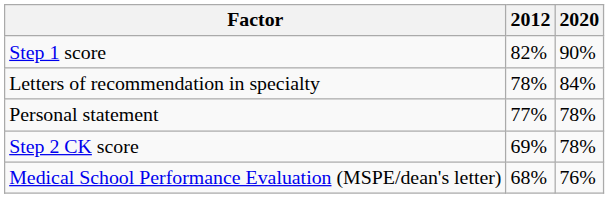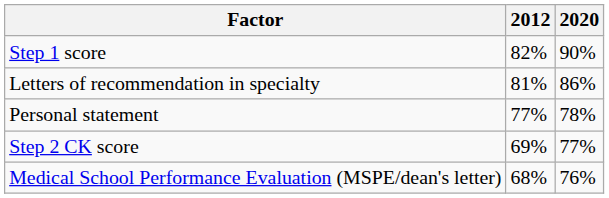 <table class="wikitable plainrowheaders" summary="Length of Medical Residency Training">
 <tr>
 <th>Factor</th>
 <th>2012</th>
 <th>2020</th>
 </tr>
 <tr>
 <td><a href='#'>Step 1</a> score</td>
 <td>82%</td>
 <td>90%</td>
 </tr>
 <tr>
 <td>Letters of recommendation in specialty</td>
-<td>78%</td>
-<td>84%</td>
+<td>81%</td>
+<td>86%</td>
 </tr>
 <tr>
 <td>Personal statement</td>
 <td>77%</td>
 <td>78%</td>
 </tr>
 <tr>
 <td><a href='#'>Step 2 CK</a> score</td>
 <td>69%</td>
-<td>78%</td>
+<td>77%</td>
 </tr>
 <tr>
 <td><a href='#'>Medical School Performance Evaluation</a> (MSPE/dean's letter)</td>
 <td>68%</td>
 <td>76%</td>
 </tr>
 </table>
